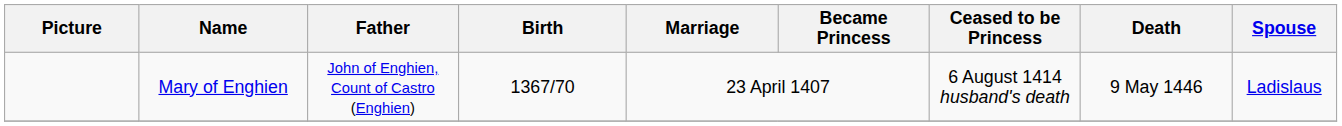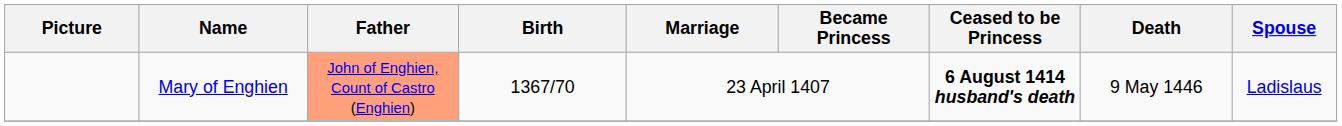 <table width=95% class="wikitable">
 <tr>
 <th width = "8%">Picture</th>
 <th width = "10%">Name</th>
 <th width = "9%">Father</th>
 <th width = "10%">Birth</th>
 <th width = "9%">Marriage</th>
 <th width = "9%">Became Princess</th>
 <th width = "9%">Ceased to be Princess</th>
 <th width = "9%">Death</th>
 <th width = "6%"><a href='#'>Spouse</a></th>
 </tr>
 <tr>
 <td align="center"></td>
 <td align="center"><a href='#'>Mary of Enghien</a></td>
-<td align="center"><small><a href='#'>John of Enghien, Count of Castro</a><br>(<a href='#'>Enghien</a>)</small></td>
+<td align="center" style="background: lightsalmon;"><small><a href='#'>John of Enghien, Count of Castro</a><br>(<a href='#'>Enghien</a>)</small></td>
 <td align="center">1367/70</td>
 <td align="center" colspan="2">23 April 1407</td>
-<td align="center">6 August 1414<br><em>husband's death</em></td>
+<td align="center"><strong>6 August 1414<br><em>husband's death</em></strong></td>
 <td align="center">9 May 1446</td>
 <td align="center"><a href='#'>Ladislaus</a></td>
 </tr>
 <tr>
 </tr>
 </table>
